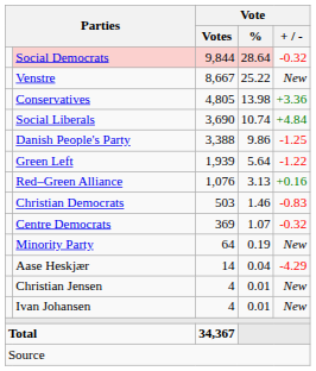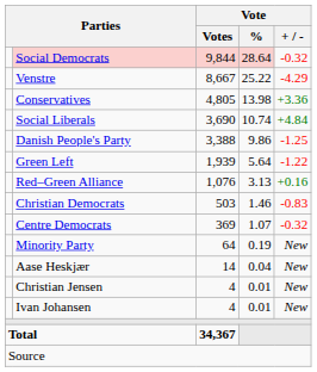 <table class="wikitable" style="text-align:right;">
 <tr>
 <th style="text-align:centre;" rowspan="2" colspan="2" width="225">Parties</th>
 <th colspan="3">Vote</th>
 </tr>
 <tr>
 <th width="15">Votes</th>
 <th width="15">%</th>
 <th width="15">+ / -</th>
 </tr>
 <tr>
 <td width="2" style="color:inherit;background:"></td>
 <td bgcolor=#fbd0ce  align="left"><a href='#'>Social Democrats</a></td>
 <td bgcolor=#fbd0ce>9,844</td>
 <td bgcolor=#fbd0ce>28.64</td>
 <td style=color:red;>-0.32</td>
 </tr>
 <tr>
 <td width="2" style="color:inherit;background:"></td>
 <td align="left"><a href='#'>Venstre</a></td>
 <td>8,667</td>
 <td>25.22</td>
-<td><em>New</em></td>
+<td style=color:red;>-4.29</td>
 </tr>
 <tr>
 <td width="2" style="color:inherit;background:"></td>
 <td align="left"><a href='#'>Conservatives</a></td>
 <td>4,805</td>
 <td>13.98</td>
 <td style=color:green;>+3.36</td>
 </tr>
 <tr>
 <td width="2" style="color:inherit;background:"></td>
 <td align="left"><a href='#'>Social Liberals</a></td>
 <td>3,690</td>
 <td>10.74</td>
 <td style=color:green;>+4.84</td>
 </tr>
 <tr>
 <td width="2" style="color:inherit;background:"></td>
 <td align="left"><a href='#'>Danish People's Party</a></td>
 <td>3,388</td>
 <td>9.86</td>
 <td style=color:red;>-1.25</td>
 </tr>
 <tr>
 <td width="2" style="color:inherit;background:"></td>
 <td align="left"><a href='#'>Green Left</a></td>
 <td>1,939</td>
 <td>5.64</td>
 <td style=color:red;>-1.22</td>
 </tr>
 <tr>
 <td width="2" style="color:inherit;background:"></td>
 <td align="left"><a href='#'>Red–Green Alliance</a></td>
 <td>1,076</td>
 <td>3.13</td>
 <td style=color:green;>+0.16</td>
 </tr>
 <tr>
 <td width="2" style="color:inherit;background:"></td>
 <td align="left"><a href='#'>Christian Democrats</a></td>
 <td>503</td>
 <td>1.46</td>
 <td style=color:red;>-0.83</td>
 </tr>
 <tr>
 <td width="2" style="color:inherit;background:"></td>
 <td align="left"><a href='#'>Centre Democrats</a></td>
 <td>369</td>
 <td>1.07</td>
 <td style=color:red;>-0.32</td>
 </tr>
 <tr>
 <td width="2" style="color:inherit;background:"></td>
 <td align="left"><a href='#'>Minority Party</a></td>
 <td>64</td>
 <td>0.19</td>
 <td><em>New</em></td>
 </tr>
 <tr>
 <td width="2" style="color:inherit;background:"></td>
 <td align="left">Aase Heskjær</td>
 <td>14</td>
 <td>0.04</td>
-<td style=color:red;>-4.29</td>
+<td><em>New</em></td>
 </tr>
 <tr>
 <td width="2" style="color:inherit;background:"></td>
 <td align="left">Christian Jensen</td>
 <td>4</td>
 <td>0.01</td>
 <td><em>New</em></td>
 </tr>
 <tr>
 <td width="2" style="color:inherit;background:"></td>
 <td align="left">Ivan Johansen</td>
 <td>4</td>
 <td>0.01</td>
 <td><em>New</em></td>
 </tr>
 <tr>
 <td colspan="7" bgcolor="#E9E9E9"></td>
 </tr>
 <tr>
 <td align="left" colspan="2"><strong>Total</strong></td>
 <td><strong>34,367</strong></td>
 <td bgcolor="#E9E9E9" colspan="2"></td>
 </tr>
 <tr>
 <td align="left" colspan="6">Source</td>
 </tr>
 </table>
